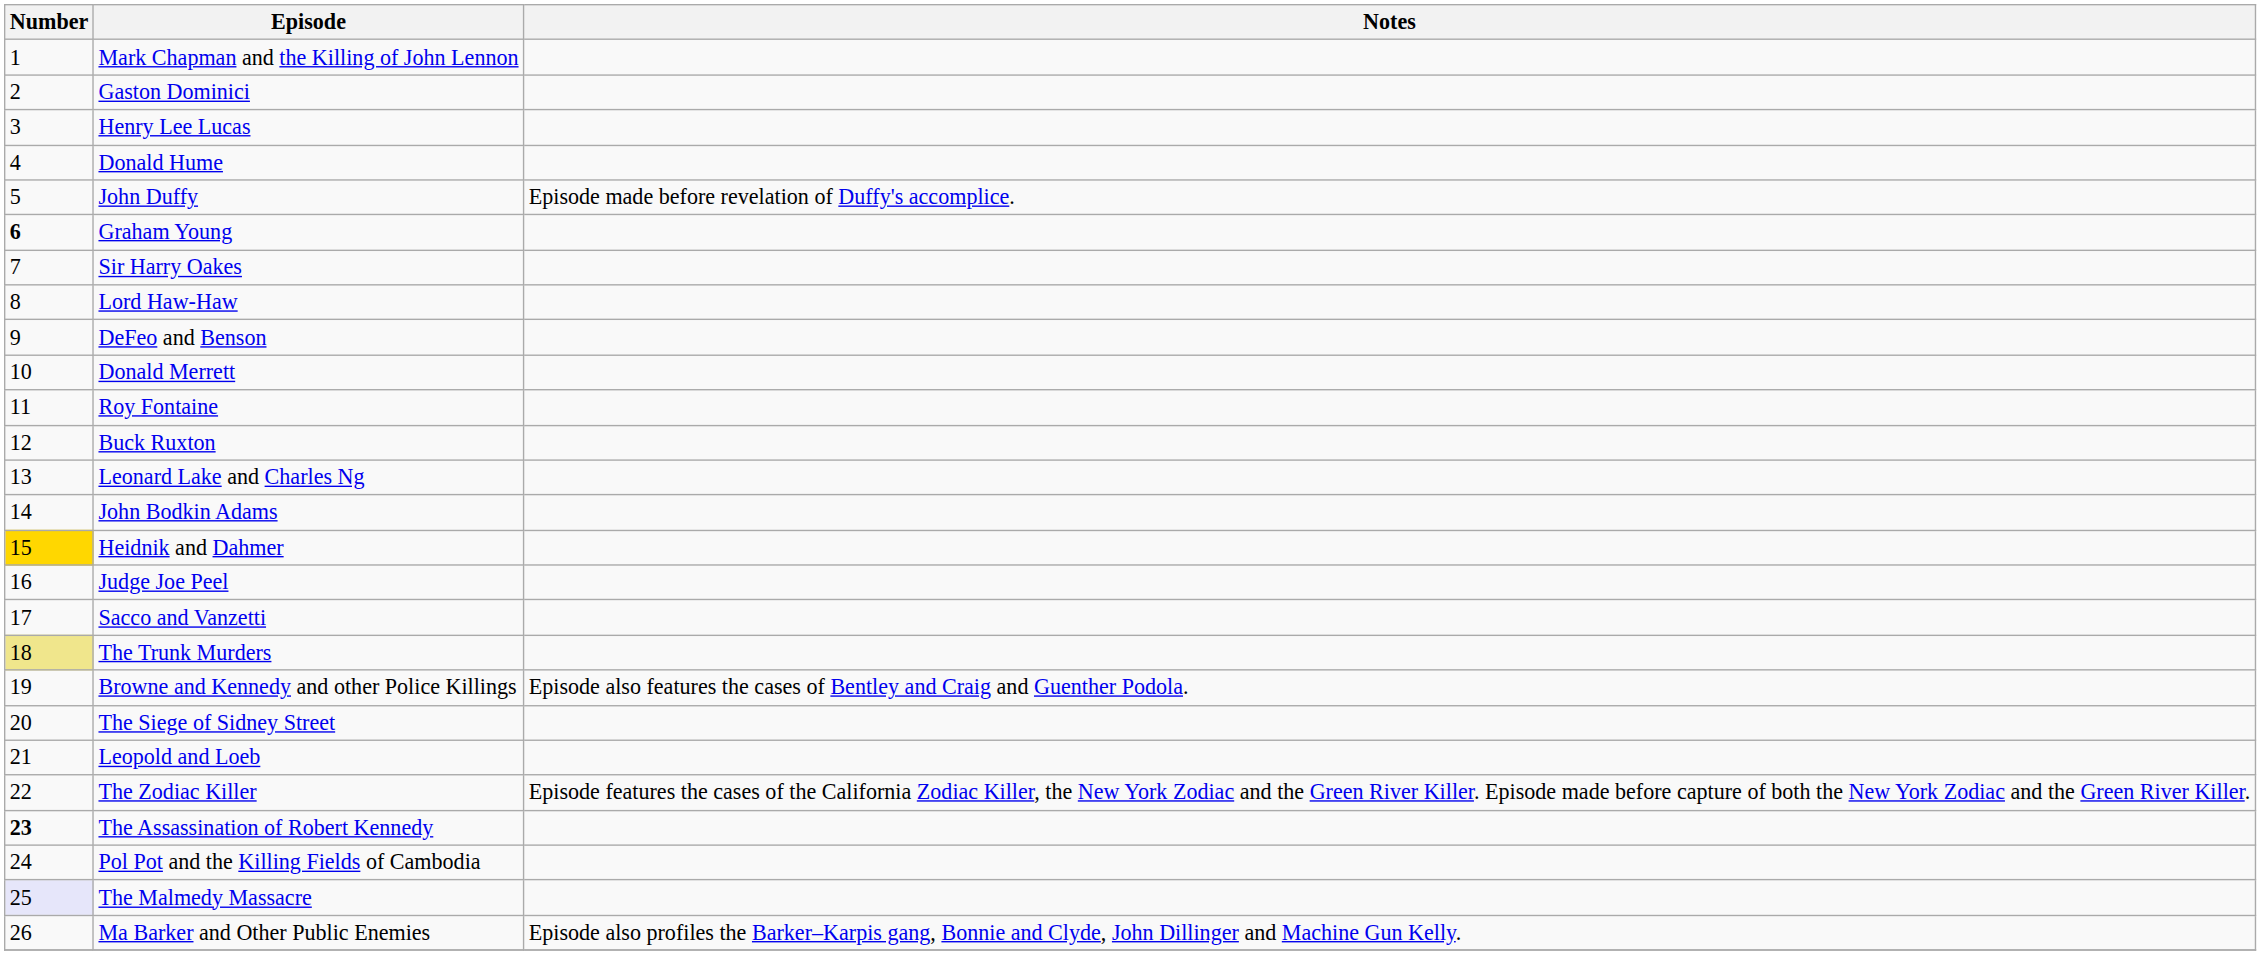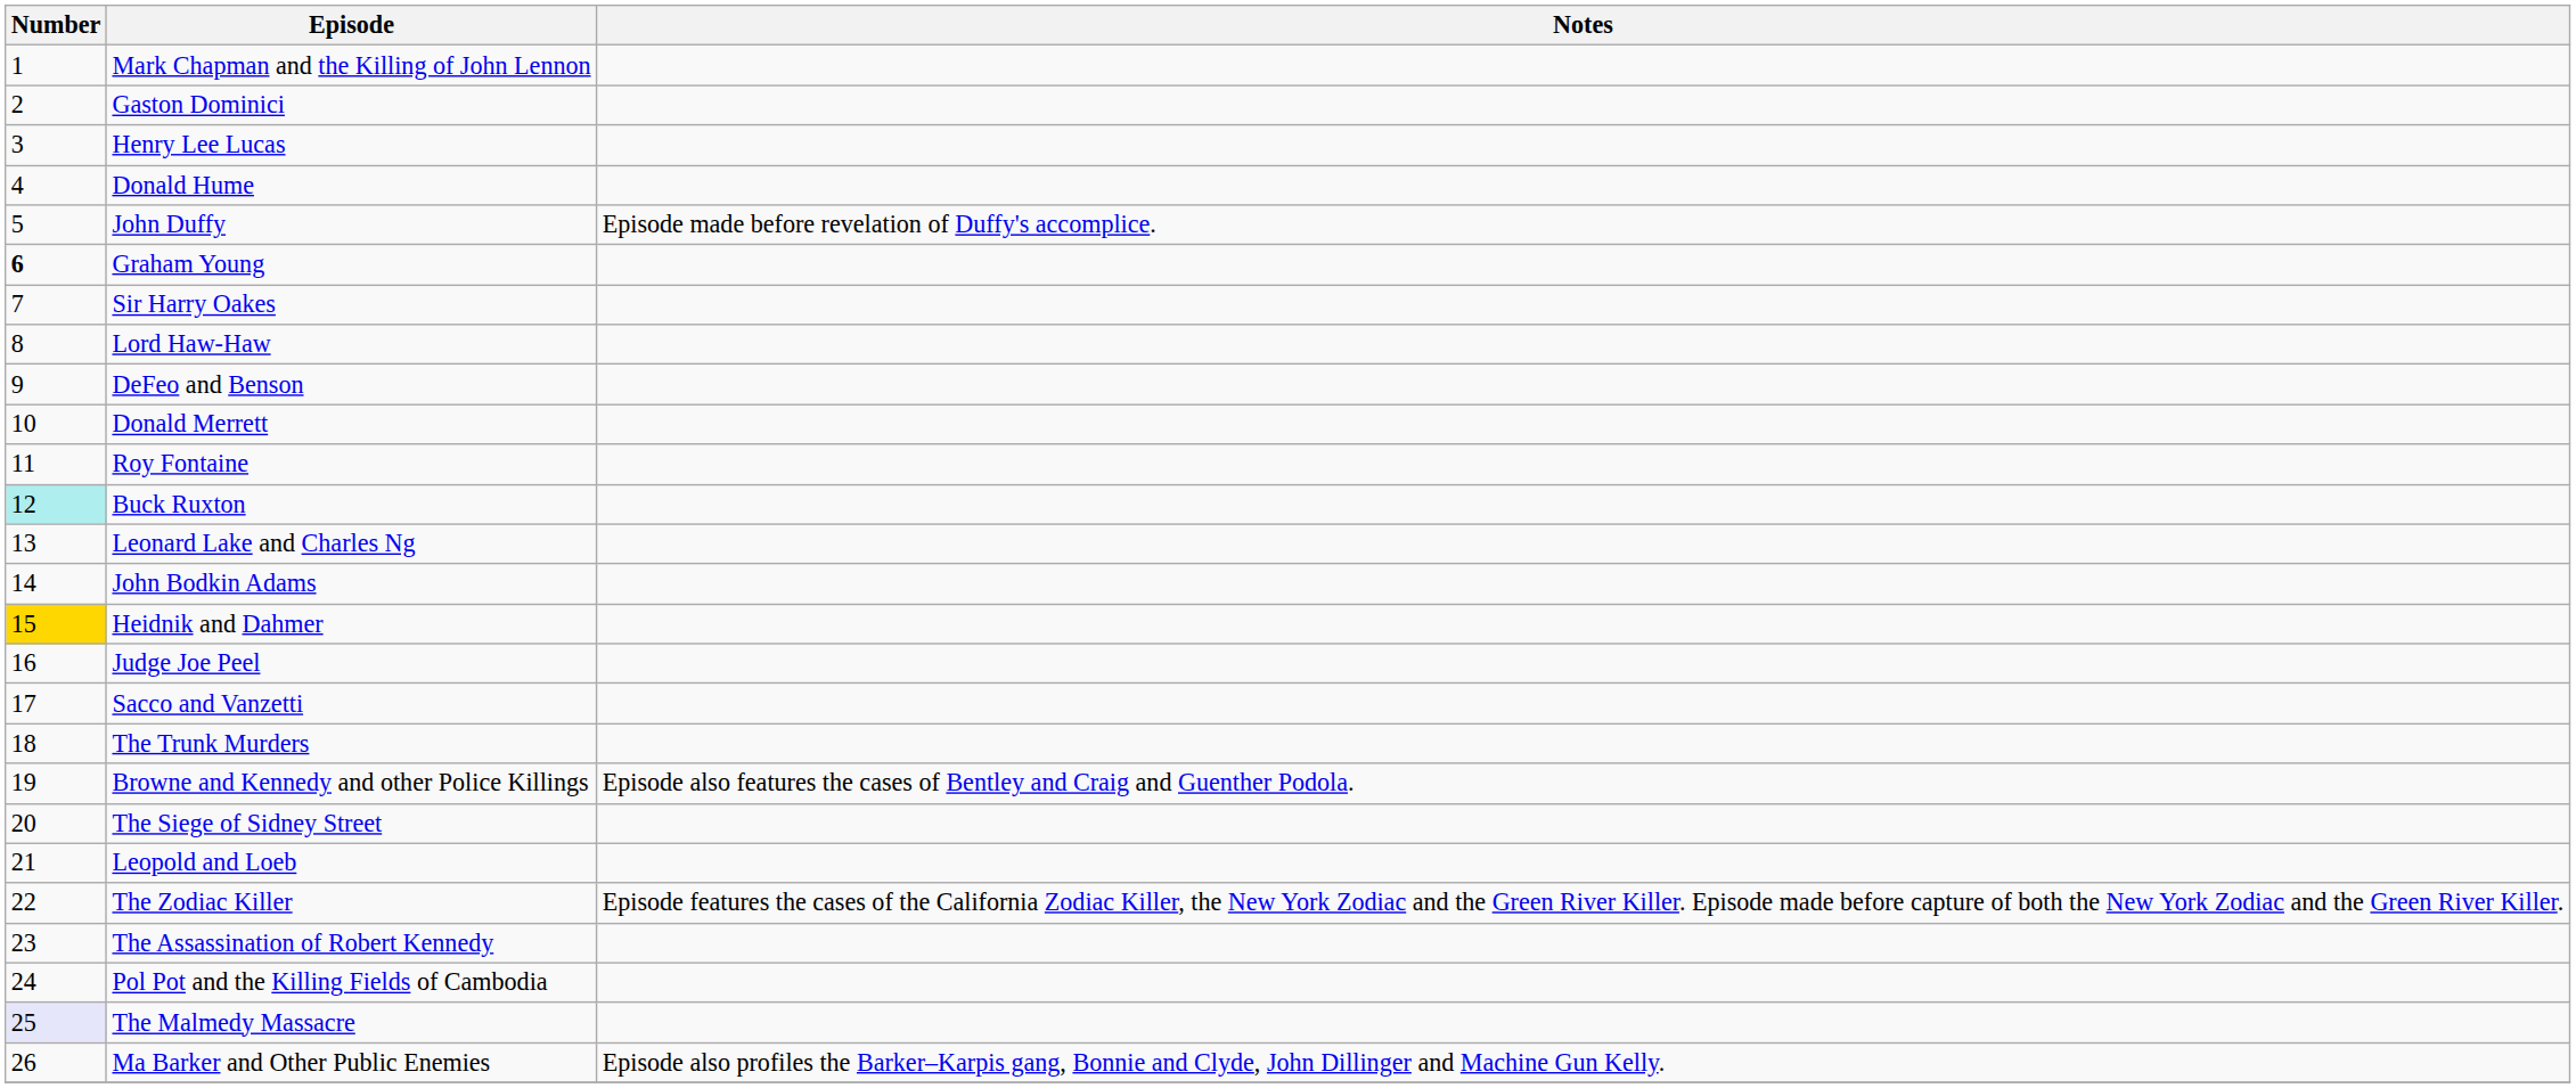 <table class="wikitable">
 <tr>
 <th>Number</th>
 <th>Episode</th>
 <th>Notes</th>
 </tr>
 <tr>
 <td rowspan="1">1</td>
 <td><a href='#'>Mark Chapman</a> and <a href='#'>the Killing of John Lennon</a></td>
 <td></td>
 </tr>
 <tr>
 <td rowspan="1">2</td>
 <td><a href='#'>Gaston Dominici</a></td>
 <td></td>
 </tr>
 <tr>
 <td rowspan="1">3</td>
 <td><a href='#'>Henry Lee Lucas</a></td>
 <td></td>
 </tr>
 <tr>
 <td rowspan="1">4</td>
 <td><a href='#'>Donald Hume</a></td>
 <td></td>
 </tr>
 <tr>
 <td rowspan="1">5</td>
 <td><a href='#'>John Duffy</a></td>
 <td>Episode made before revelation of <a href='#'>Duffy's accomplice</a>.</td>
 </tr>
 <tr>
 <td rowspan="1"><strong>6</strong></td>
 <td><a href='#'>Graham Young</a></td>
 <td></td>
 </tr>
 <tr>
 <td rowspan="1">7</td>
 <td><a href='#'>Sir Harry Oakes</a></td>
 <td></td>
 </tr>
 <tr>
 <td rowspan="1">8</td>
 <td><a href='#'>Lord Haw-Haw</a></td>
 <td></td>
 </tr>
 <tr>
 <td rowspan="1">9</td>
 <td><a href='#'>DeFeo</a> and <a href='#'>Benson</a></td>
 <td></td>
 </tr>
 <tr>
 <td rowspan="1">10</td>
 <td><a href='#'>Donald Merrett</a></td>
 <td></td>
 </tr>
 <tr>
 <td rowspan="1">11</td>
 <td><a href='#'>Roy Fontaine</a></td>
 <td></td>
 </tr>
 <tr>
-<td rowspan="1">12</td>
+<td rowspan="1" style="background: paleturquoise;">12</td>
 <td><a href='#'>Buck Ruxton</a></td>
 <td></td>
 </tr>
 <tr>
 <td rowspan="1">13</td>
 <td><a href='#'>Leonard Lake</a> and <a href='#'>Charles Ng</a></td>
 <td></td>
 </tr>
 <tr>
 <td rowspan="1">14</td>
 <td><a href='#'>John Bodkin Adams</a></td>
 <td></td>
 </tr>
 <tr>
 <td rowspan="1" style="background: gold;">15</td>
 <td><a href='#'>Heidnik</a> and <a href='#'>Dahmer</a></td>
 <td></td>
 </tr>
 <tr>
 <td rowspan="1">16</td>
 <td><a href='#'>Judge Joe Peel</a></td>
 <td></td>
 </tr>
 <tr>
 <td rowspan="1">17</td>
 <td><a href='#'>Sacco and Vanzetti</a></td>
 <td></td>
 </tr>
 <tr>
-<td rowspan="1" style="background: khaki;">18</td>
+<td rowspan="1">18</td>
 <td><a href='#'>The Trunk Murders</a></td>
 <td></td>
 </tr>
 <tr>
 <td rowspan="1">19</td>
 <td><a href='#'>Browne and Kennedy</a> and other Police Killings</td>
 <td>Episode also features the cases of <a href='#'>Bentley and Craig</a> and <a href='#'>Guenther Podola</a>.</td>
 </tr>
 <tr>
 <td rowspan="1">20</td>
 <td><a href='#'>The Siege of Sidney Street</a></td>
 <td></td>
 </tr>
 <tr>
 <td rowspan="1">21</td>
 <td><a href='#'>Leopold and Loeb</a></td>
 <td></td>
 </tr>
 <tr>
 <td rowspan="1">22</td>
 <td><a href='#'>The Zodiac Killer</a></td>
 <td>Episode features the cases of the California <a href='#'>Zodiac Killer</a>, the <a href='#'>New York Zodiac</a> and the <a href='#'>Green River Killer</a>. Episode made before capture of both the <a href='#'>New York Zodiac</a> and the <a href='#'>Green River Killer</a>.</td>
 </tr>
 <tr>
-<td rowspan="1"><strong>23</strong></td>
+<td rowspan="1">23</td>
 <td><a href='#'>The Assassination of Robert Kennedy</a></td>
 <td></td>
 </tr>
 <tr>
 <td rowspan="1">24</td>
 <td><a href='#'>Pol Pot</a> and the <a href='#'>Killing Fields</a> of Cambodia</td>
 <td></td>
 </tr>
 <tr>
 <td rowspan="1" style="background: lavender;">25</td>
 <td><a href='#'>The Malmedy Massacre</a></td>
 <td></td>
 </tr>
 <tr>
 <td rowspan="1">26</td>
 <td><a href='#'>Ma Barker</a> and Other Public Enemies</td>
 <td>Episode also profiles the <a href='#'>Barker–Karpis gang</a>, <a href='#'>Bonnie and Clyde</a>, <a href='#'>John Dillinger</a> and <a href='#'>Machine Gun Kelly</a>.</td>
 </tr>
 <tr>
 </tr>
 </table>
